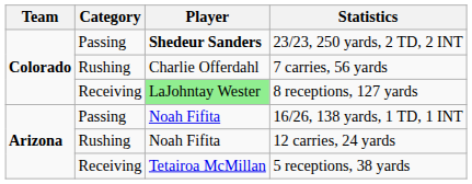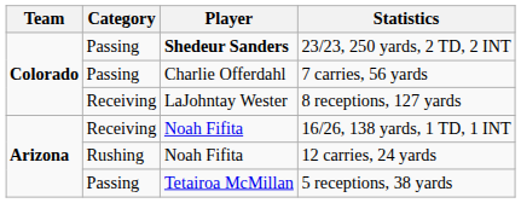 <table class="wikitable" style="float: right;">
 <tr>
 <th>Team</th>
 <th>Category</th>
 <th>Player</th>
 <th>Statistics</th>
 </tr>
 <tr>
 <td rowspan=3><strong>Colorado</strong></td>
 <td>Passing</td>
 <td><strong>Shedeur Sanders</strong></td>
 <td>23/23, 250 yards, 2 TD, 2 INT</td>
 </tr>
 <tr>
-<td>Rushing</td>
+<td>Passing</td>
 <td>Charlie Offerdahl</td>
 <td>7 carries, 56 yards</td>
 </tr>
 <tr>
 <td>Receiving</td>
-<td style="background: lightgreen;">LaJohntay Wester</td>
+<td>LaJohntay Wester</td>
 <td>8 receptions, 127 yards</td>
 </tr>
 <tr>
 <td rowspan=3><strong>Arizona</strong></td>
-<td>Passing</td>
+<td>Receiving</td>
 <td><a href='#'>Noah Fifita</a></td>
 <td>16/26, 138 yards, 1 TD, 1 INT</td>
 </tr>
 <tr>
 <td>Rushing</td>
 <td>Noah Fifita</td>
 <td>12 carries, 24 yards</td>
 </tr>
 <tr>
-<td>Receiving</td>
+<td>Passing</td>
 <td><a href='#'>Tetairoa McMillan</a></td>
 <td>5 receptions, 38 yards</td>
 </tr>
 </table>
